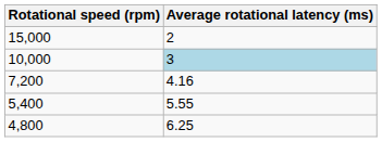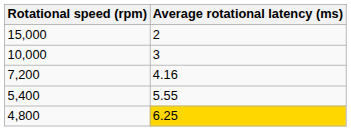 <table class="wikitable" style="margin-left: 1.5em;">
 <tr>
 <th>Rotational speed (rpm)</th>
 <th>Average rotational latency (ms)</th>
 </tr>
 <tr>
 <td>15,000</td>
 <td>2</td>
 </tr>
 <tr>
 <td>10,000</td>
-<td style="background: lightblue;">3</td>
+<td>3</td>
 </tr>
 <tr>
 <td>7,200</td>
 <td>4.16</td>
 </tr>
 <tr>
 <td>5,400</td>
 <td>5.55</td>
 </tr>
 <tr>
 <td>4,800</td>
-<td>6.25</td>
+<td style="background: gold;">6.25</td>
 </tr>
 </table>
